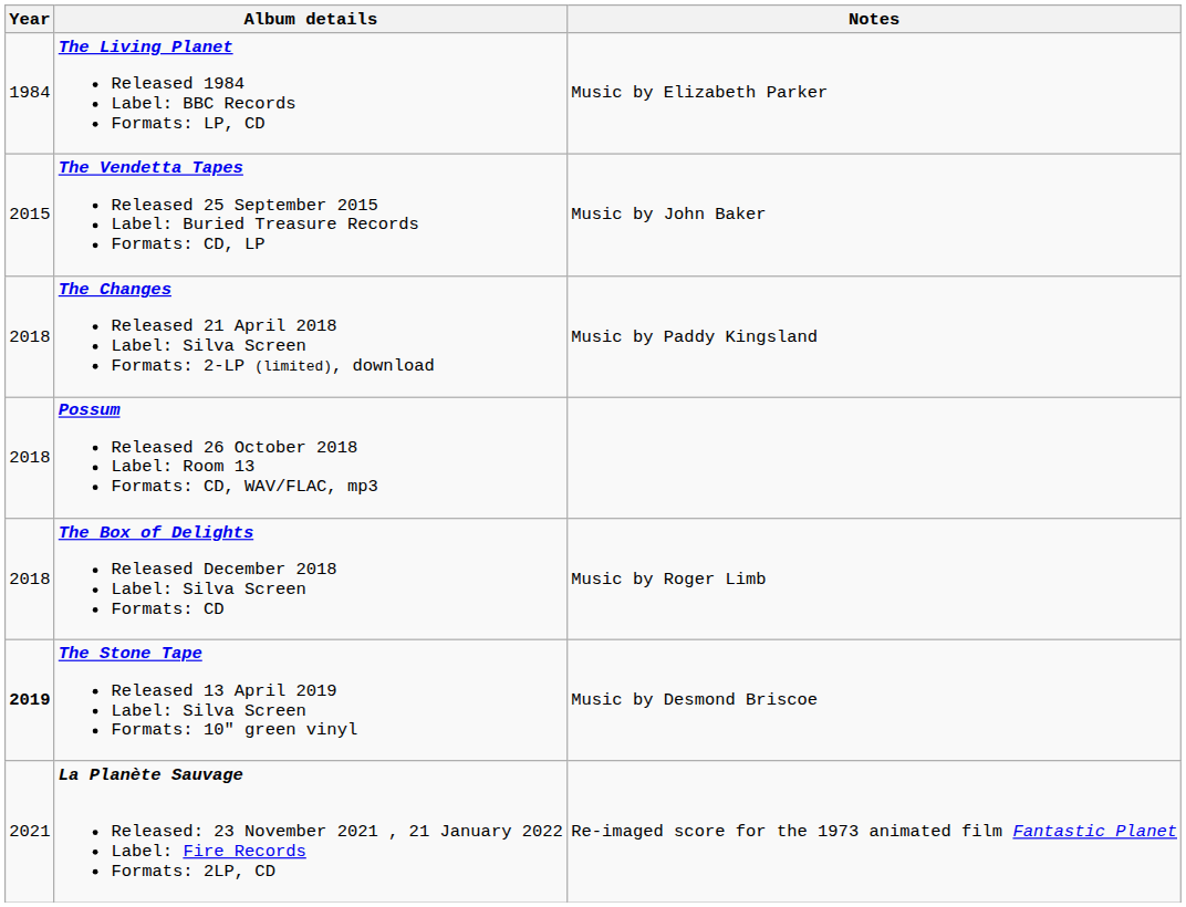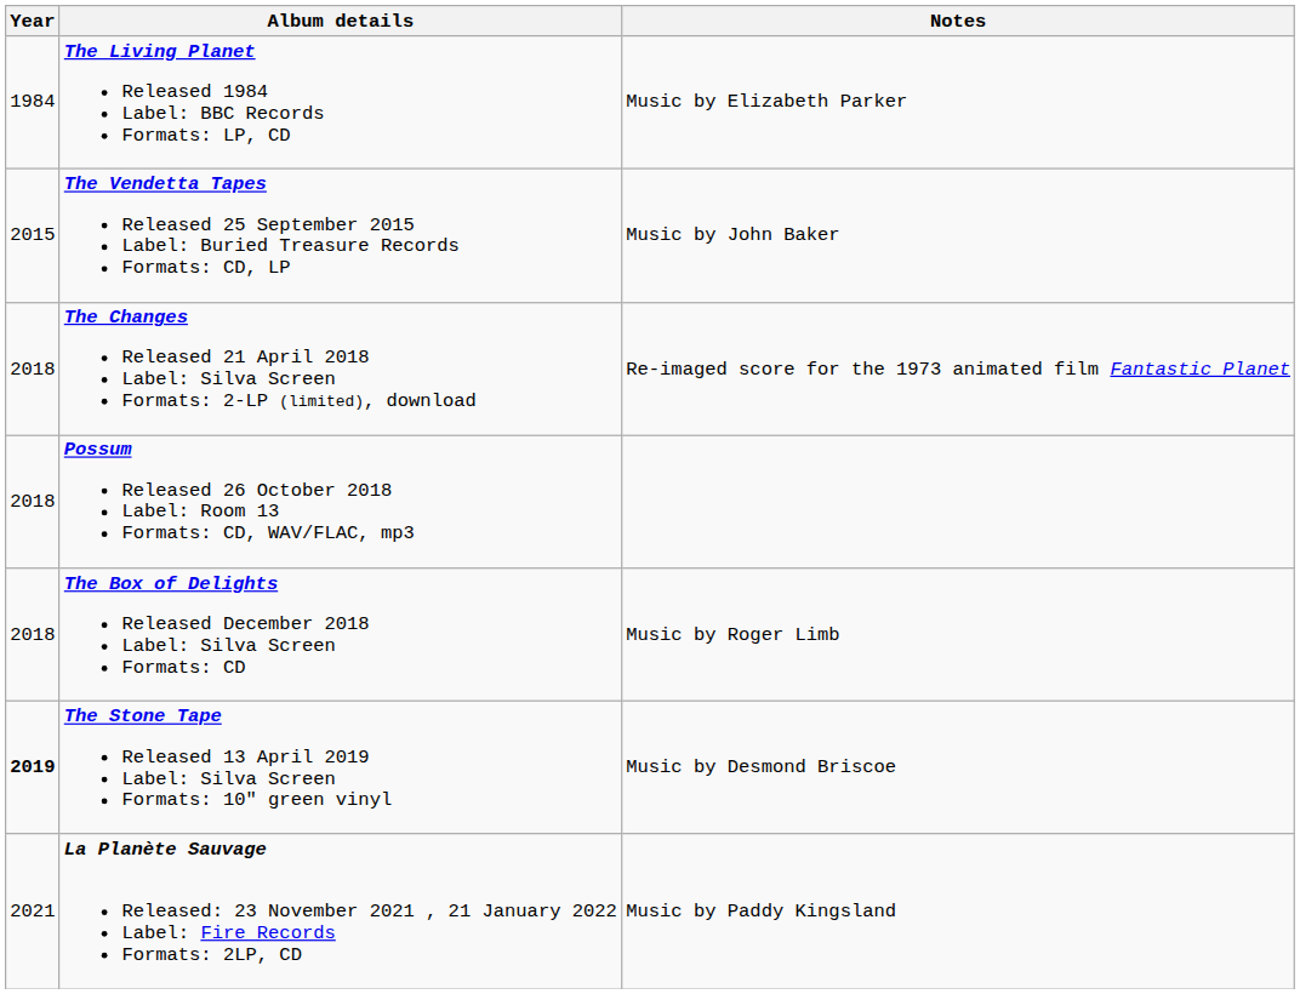 <table class="wikitable">
 <tr>
 <th>Year</th>
 <th>Album details</th>
 <th>Notes</th>
 </tr>
 <tr>
 <td>1984</td>
 <td><strong><em><a href='#'>The Living Planet</a></em></strong><br><ul><li>Released 1984</li><li>Label: BBC Records </li><li>Formats: LP, CD</li></ul></td>
 <td>Music by Elizabeth Parker</td>
 </tr>
 <tr>
 <td>2015</td>
 <td><strong><em><a href='#'>The Vendetta Tapes</a></em></strong><br><ul><li>Released 25 September 2015</li><li>Label: Buried Treasure Records </li><li>Formats: CD, LP</li></ul></td>
 <td>Music by John Baker</td>
 </tr>
 <tr>
 <td>2018</td>
 <td><strong><em><a href='#'>The Changes</a></em></strong><br><ul><li>Released 21 April 2018</li><li>Label: Silva Screen </li><li>Formats: 2-LP <small>(limited)</small>, download</li></ul></td>
-<td>Music by Paddy Kingsland</td>
+<td>Re-imaged score for the 1973 animated film <em><a href='#'>Fantastic Planet</a></em></td>
 </tr>
 <tr>
 <td>2018</td>
 <td><strong><em><a href='#'>Possum</a></em></strong><br><ul><li>Released 26 October 2018</li><li>Label: Room 13 </li><li>Formats: CD, WAV/FLAC, mp3</li></ul></td>
 <td></td>
 </tr>
 <tr>
 <td>2018</td>
 <td><strong><em><a href='#'>The Box of Delights</a></em></strong><br><ul><li>Released December 2018</li><li>Label: Silva Screen </li><li>Formats: CD</li></ul></td>
 <td>Music by Roger Limb</td>
 </tr>
 <tr>
 <td><strong>2019</strong></td>
 <td><strong><em><a href='#'>The Stone Tape</a></em></strong><br><ul><li>Released 13 April 2019</li><li>Label: Silva Screen </li><li>Formats: 10" green vinyl </li></ul></td>
 <td>Music by Desmond Briscoe</td>
 </tr>
 <tr>
 <td>2021</td>
 <td><strong><em>La Planète Sauvage</em></strong><br><br><ul><li>Released: 23 November 2021 , 21 January 2022</li><li>Label: <a href='#'>Fire Records</a> </li><li>Formats: 2LP, CD</li></ul></td>
-<td>Re-imaged score for the 1973 animated film <em><a href='#'>Fantastic Planet</a></em></td>
+<td>Music by Paddy Kingsland</td>
 </tr>
 </table>
